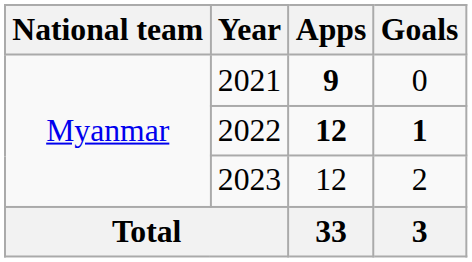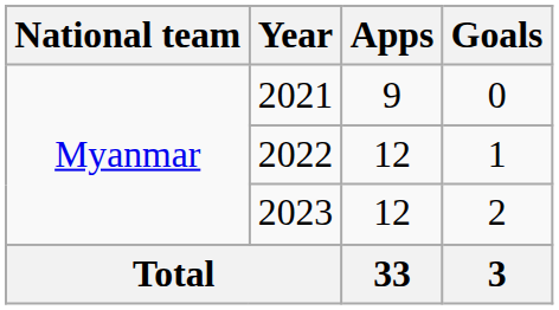 <table class="wikitable" style="text-align: center;">
 <tr>
 <th>National team</th>
 <th>Year</th>
 <th>Apps</th>
 <th>Goals</th>
 </tr>
 <tr>
 <td rowspan=3><a href='#'>Myanmar</a></td>
 <td>2021</td>
-<td><strong>9</strong></td>
+<td>9</td>
 <td>0</td>
 </tr>
 <tr>
 <td>2022</td>
-<td><strong>12</strong></td>
-<td><strong>1</strong></td>
+<td>12</td>
+<td>1</td>
 </tr>
 <tr>
 <td>2023</td>
 <td>12</td>
 <td>2</td>
 </tr>
 <tr>
 <th colspan=2>Total</th>
 <th>33</th>
 <th>3</th>
 </tr>
 </table>
